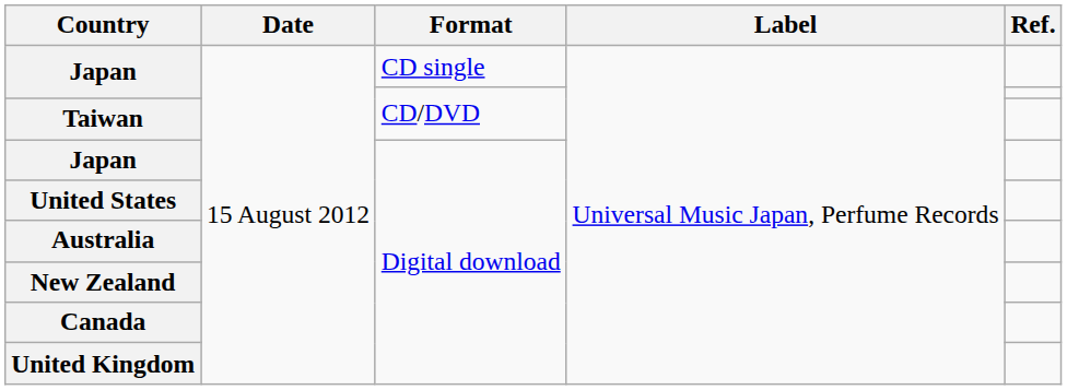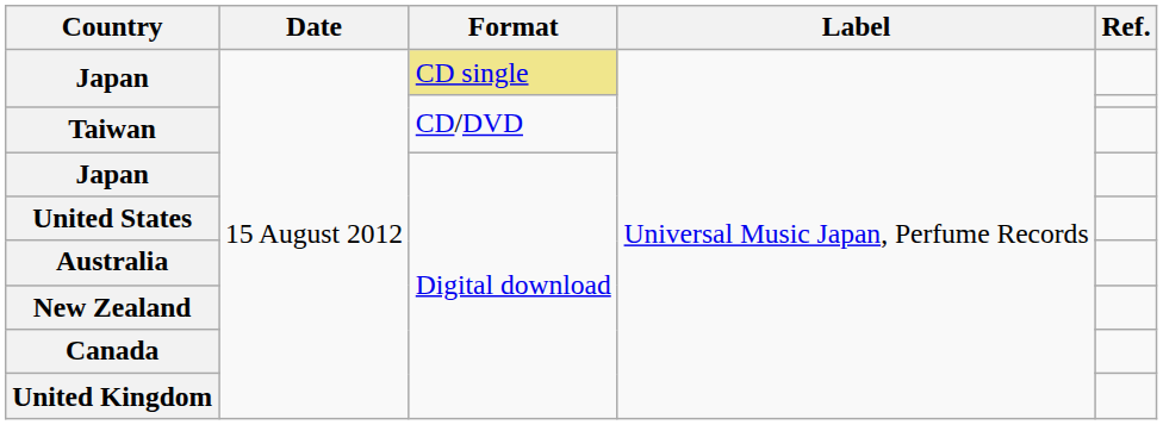 <table class="wikitable plainrowheaders">
 <tr>
 <th scope="col">Country</th>
 <th scope="col">Date</th>
 <th scope="col">Format</th>
 <th scope="col">Label</th>
 <th scope="col">Ref.</th>
 </tr>
 <tr>
 <th scope="row" rowspan="2">Japan</th>
 <td rowspan="9">15 August 2012</td>
-<td><a href='#'>CD single</a></td>
+<td style="background: khaki;"><a href='#'>CD single</a></td>
 <td rowspan="9"><a href='#'>Universal Music Japan</a>, Perfume Records</td>
 <td></td>
 </tr>
 <tr>
 <td rowspan="2"><a href='#'>CD</a>/<a href='#'>DVD</a></td>
 <td></td>
 </tr>
 <tr>
 <th scope="row">Taiwan</th>
 <td></td>
 </tr>
 <tr>
 <th scope="row">Japan</th>
 <td rowspan="6"><a href='#'>Digital download</a></td>
 <td></td>
 </tr>
 <tr>
 <th scope="row">United States</th>
 <td></td>
 </tr>
 <tr>
 <th scope="row">Australia</th>
 <td></td>
 </tr>
 <tr>
 <th scope="row">New Zealand</th>
 <td></td>
 </tr>
 <tr>
 <th scope="row">Canada</th>
 <td></td>
 </tr>
 <tr>
 <th scope="row">United Kingdom</th>
 <td></td>
 </tr>
 </table>
